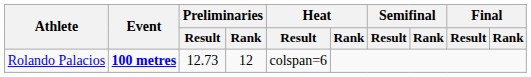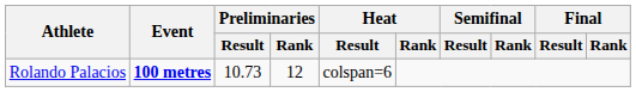 <table class=wikitable style=font-size:90%>
 <tr>
 <th rowspan=2>Athlete</th>
 <th rowspan=2>Event</th>
 <th colspan=2>Preliminaries</th>
 <th colspan=2>Heat</th>
 <th colspan=2>Semifinal</th>
 <th colspan=2>Final</th>
 </tr>
 <tr style=font-size:95%>
 <th>Result</th>
 <th>Rank</th>
 <th>Result</th>
 <th>Rank</th>
 <th>Result</th>
 <th>Rank</th>
 <th>Result</th>
 <th>Rank</th>
 </tr>
 <tr align=center>
 <td align=left><a href='#'>Rolando Palacios</a></td>
 <td align=left><strong><a href='#'>100 metres</a></strong></td>
-<td>12.73</td>
+<td>10.73</td>
 <td>12</td>
 <td>colspan=6 </td>
 </tr>
 </table>
